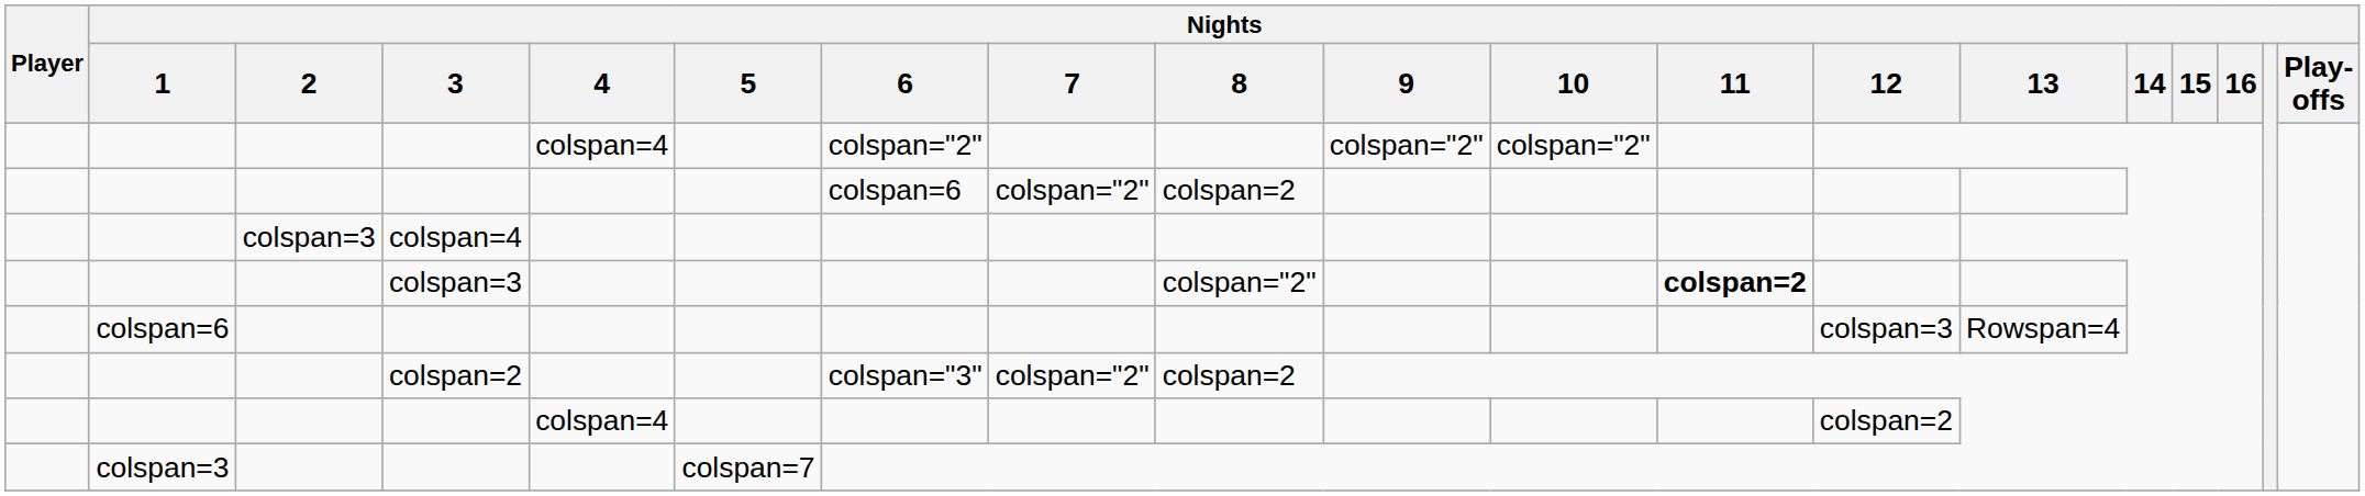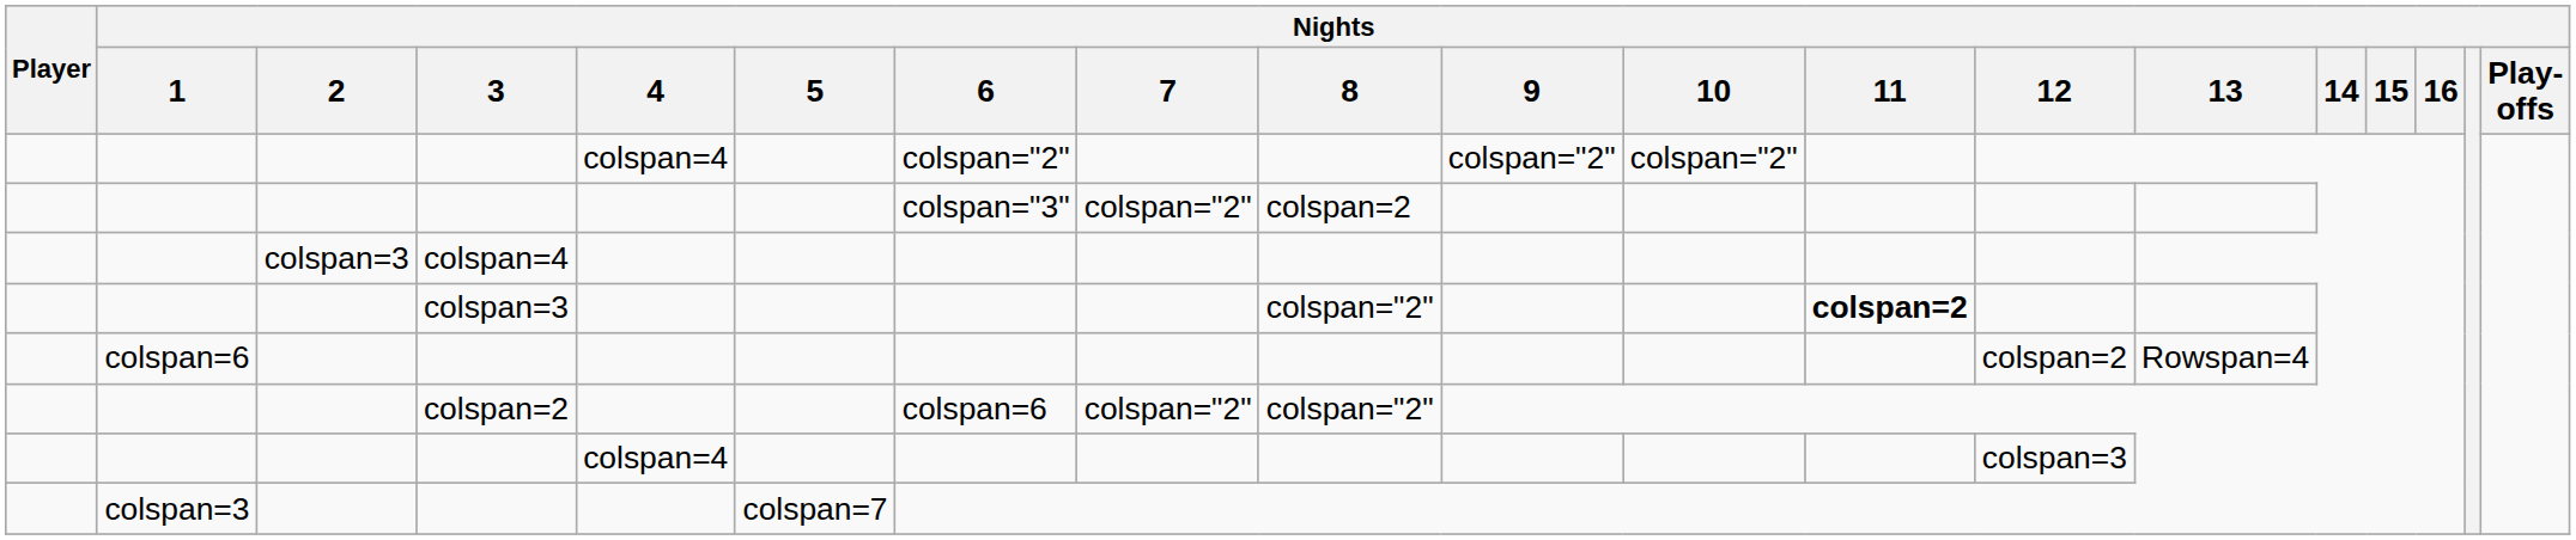 <table class="wikitable">
 <tr style="font-size:10pt;font-weight:bold">
 <th rowspan=2>Player</th>
 <th colspan=18>Nights</th>
 </tr>
 <tr>
 <th style="width:20px;">1</th>
 <th style="width:20px;">2</th>
 <th style="width:20px;">3</th>
 <th style="width:20px;">4</th>
 <th style="width:20px;">5</th>
 <th style="width:20px;">6</th>
 <th style="width:20px;">7</th>
 <th style="width:20px;">8</th>
 <th style="width:20px;">9</th>
 <th style="width:20px;">10</th>
 <th style="width:20px;">11</th>
 <th style="width:20px;">12</th>
 <th style="width:20px;">13</th>
 <th style="width:20px;">14</th>
 <th style="width:20px;">15</th>
 <th style="width:20px;">16</th>
 <th rowspan=9></th>
 <th>Play-offs</th>
 </tr>
 <tr>
 <td></td>
 <td></td>
 <td></td>
 <td></td>
 <td>colspan=4 </td>
 <td></td>
 <td>colspan="2" </td>
 <td></td>
 <td></td>
 <td>colspan="2" </td>
 <td>colspan="2" </td>
 <td></td>
 </tr>
 <tr>
 <td></td>
 <td></td>
 <td></td>
 <td></td>
 <td></td>
 <td></td>
-<td>colspan=6 </td>
+<td>colspan="3" </td>
 <td>colspan="2" </td>
 <td>colspan=2 </td>
 <td></td>
 <td></td>
 <td></td>
 <td></td>
 <td></td>
 </tr>
 <tr>
 <td></td>
 <td></td>
 <td>colspan=3 </td>
 <td>colspan=4 </td>
 <td></td>
 <td></td>
 <td></td>
 <td></td>
 <td></td>
 <td></td>
 <td></td>
 <td></td>
 <td></td>
 </tr>
 <tr>
 <td></td>
 <td></td>
 <td></td>
 <td>colspan=3 </td>
 <td></td>
 <td></td>
 <td></td>
 <td></td>
 <td>colspan="2" </td>
 <td></td>
 <td></td>
 <td><strong>colspan=2 </strong></td>
 <td></td>
 <td></td>
 </tr>
 <tr>
 <td></td>
 <td>colspan=6 </td>
 <td></td>
 <td></td>
 <td></td>
 <td></td>
 <td></td>
 <td></td>
 <td></td>
 <td></td>
 <td></td>
 <td></td>
-<td>colspan=3 </td>
+<td>colspan=2 </td>
 <td>Rowspan=4</td>
 </tr>
 <tr>
 <td></td>
 <td></td>
 <td></td>
 <td>colspan=2 </td>
 <td></td>
 <td></td>
-<td>colspan="3" </td>
+<td>colspan=6 </td>
 <td>colspan="2" </td>
-<td>colspan=2 </td>
+<td>colspan="2" </td>
 </tr>
 <tr>
 <td></td>
 <td></td>
 <td></td>
 <td></td>
 <td>colspan=4 </td>
 <td></td>
 <td></td>
 <td></td>
 <td></td>
 <td></td>
 <td></td>
 <td></td>
-<td>colspan=2 </td>
+<td>colspan=3 </td>
 </tr>
 <tr>
 <td></td>
 <td>colspan=3 </td>
 <td></td>
 <td></td>
 <td></td>
 <td>colspan=7 </td>
 </tr>
 </table>
